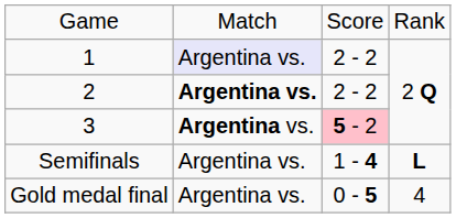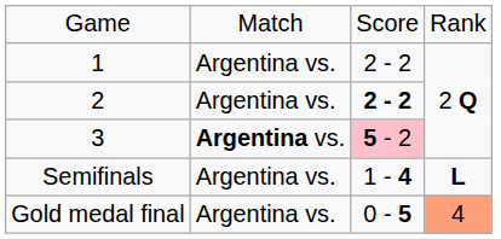 <table class="wikitable">
 <tr>
 <td style="text-align:center;">Game</td>
 <td style="text-align:center;">Match</td>
 <td style="text-align:center;">Score</td>
 <td style="text-align:center;">Rank</td>
 </tr>
 <tr>
 <td style="text-align:center;">1</td>
-<td style="background: lavender;">Argentina vs. </td>
+<td>Argentina vs. </td>
 <td style="text-align:center;">2 - 2</td>
 <td rowspan="3" style="text-align:center;">2 <strong>Q</strong></td>
 </tr>
 <tr>
 <td style="text-align:center;">2</td>
-<td><strong>Argentina vs. </strong></td>
-<td style="text-align:center;">2 - 2</td>
+<td>Argentina vs. </td>
+<td style="text-align:center;"><strong>2 - 2</strong></td>
 </tr>
 <tr>
 <td style="text-align:center;">3</td>
 <td><strong>Argentina</strong> vs. </td>
 <td style="background: pink; text-align:center;"><strong>5</strong> - 2</td>
 </tr>
 <tr>
 <td style="text-align:center;">Semifinals</td>
 <td>Argentina vs. <strong></strong></td>
 <td style="text-align:center;">1 - <strong>4</strong></td>
 <td style="text-align:center;"><strong>L</strong></td>
 </tr>
 <tr>
 <td style="text-align:center;">Gold medal final</td>
 <td>Argentina vs. <strong></strong></td>
 <td style="text-align:center;">0 - <strong>5</strong></td>
-<td style="text-align:center;">4</td>
+<td style="background: lightsalmon; text-align:center;">4</td>
 </tr>
 </table>
